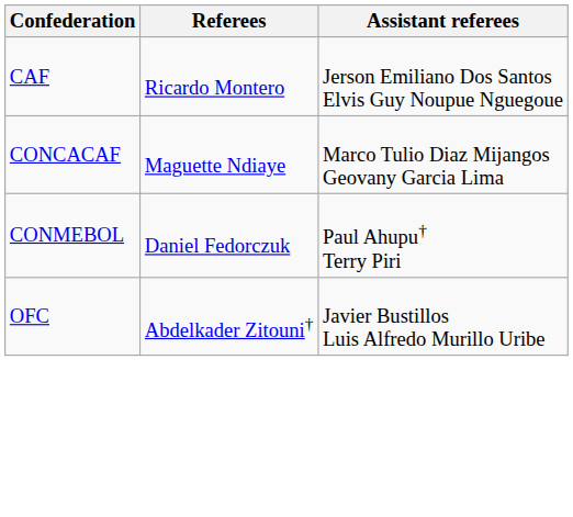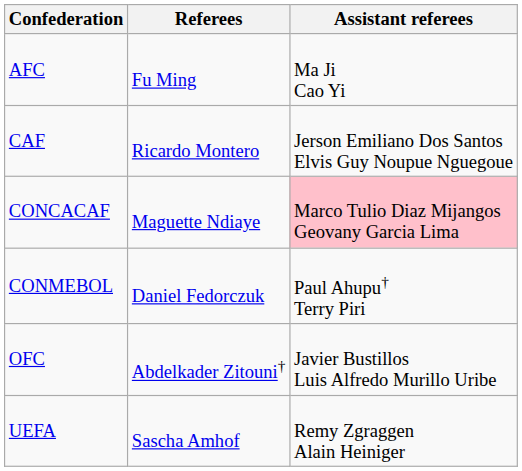 <table class="wikitable">
 <tr>
 <th>Confederation</th>
 <th>Referees</th>
 <th>Assistant referees</th>
+</tr>
+<tr>
+<td><a href='#'>AFC</a></td>
+<td><br> <a href='#'>Fu Ming</a></td>
+<td><br> Ma Ji<br>  Cao Yi</td>
 </tr>
 <tr>
 <td><a href='#'>CAF</a></td>
 <td><br> <a href='#'>Ricardo Montero</a></td>
 <td><br> Jerson Emiliano Dos Santos<br>  Elvis Guy Noupue Nguegoue</td>
 </tr>
 <tr>
 <td><a href='#'>CONCACAF</a></td>
 <td><br> <a href='#'>Maguette Ndiaye</a></td>
-<td><br> Marco Tulio Diaz Mijangos<br>  Geovany Garcia Lima</td>
+<td style="background: pink;"><br> Marco Tulio Diaz Mijangos<br>  Geovany Garcia Lima</td>
 </tr>
 <tr>
 <td><a href='#'>CONMEBOL</a></td>
 <td><br> <a href='#'>Daniel Fedorczuk</a></td>
 <td><br> Paul Ahupu<sup>†</sup><br>  Terry Piri</td>
 </tr>
 <tr>
 <td><a href='#'>OFC</a></td>
 <td><br> <a href='#'>Abdelkader Zitouni</a><sup>†</sup></td>
 <td><br> Javier Bustillos<br>  Luis Alfredo Murillo Uribe</td>
 </tr>
+<tr>
+<td><a href='#'>UEFA</a></td>
+<td><br> <a href='#'>Sascha Amhof</a></td>
+<td><br> Remy Zgraggen<br>  Alain Heiniger</td>
+</tr>
 </table>
